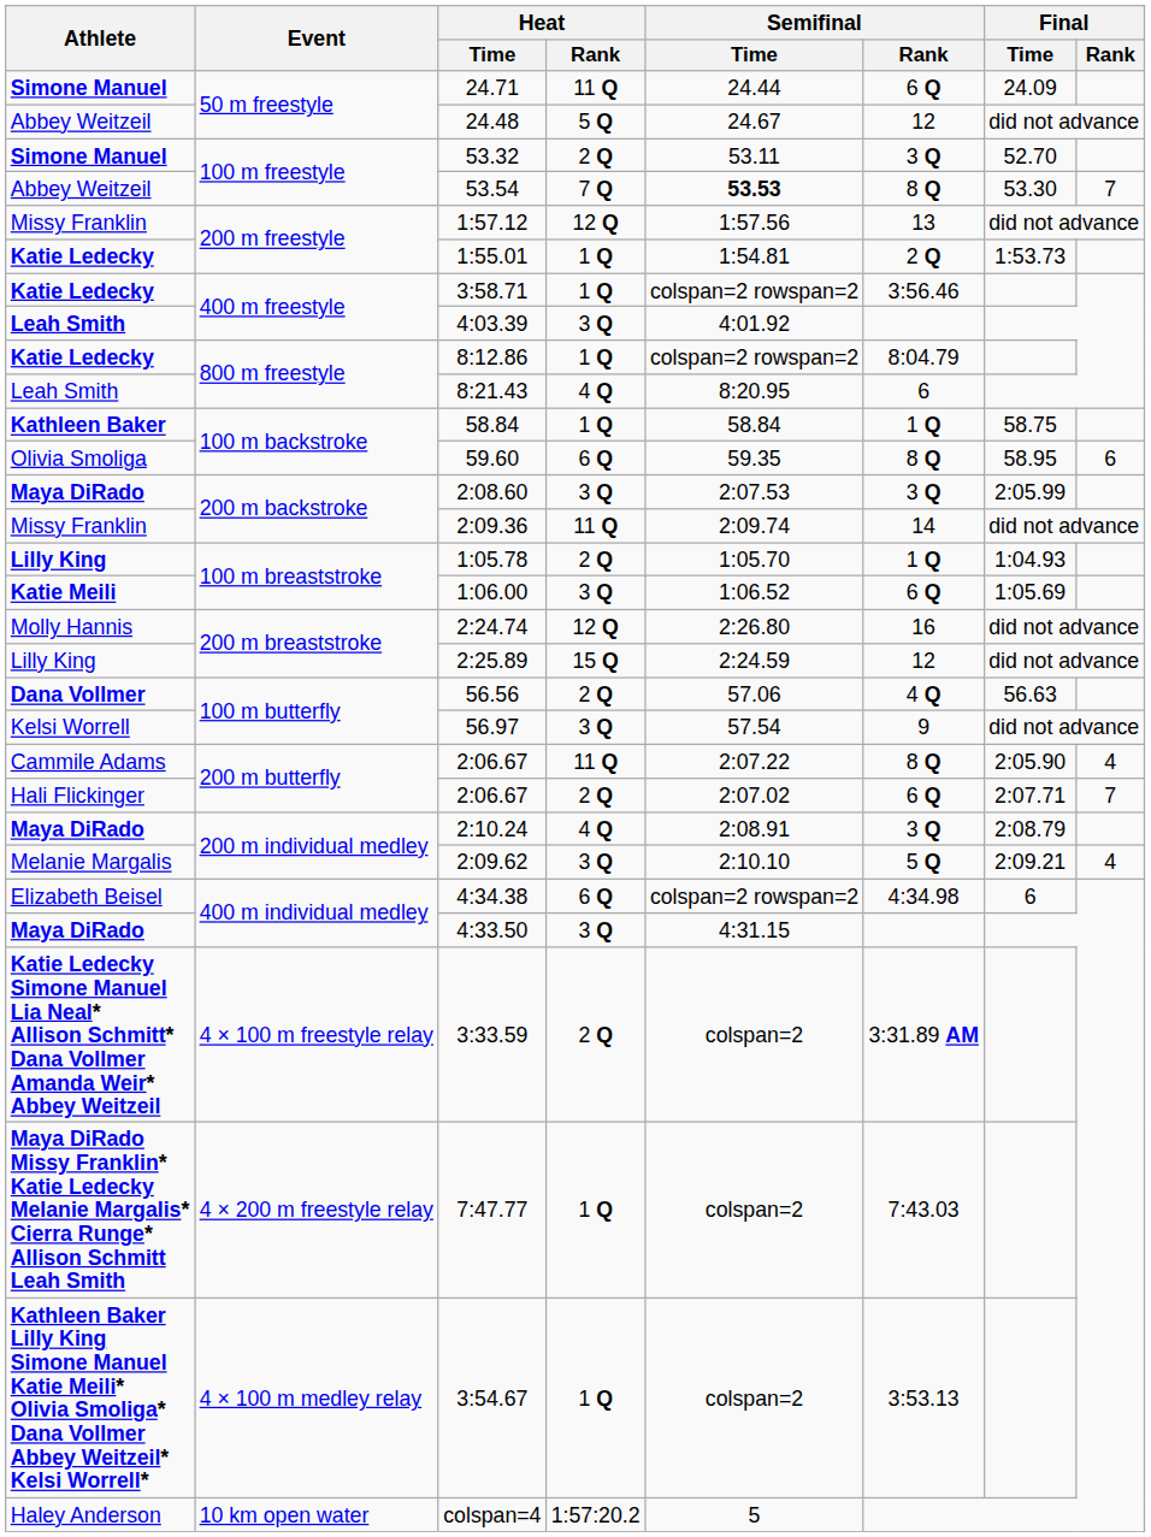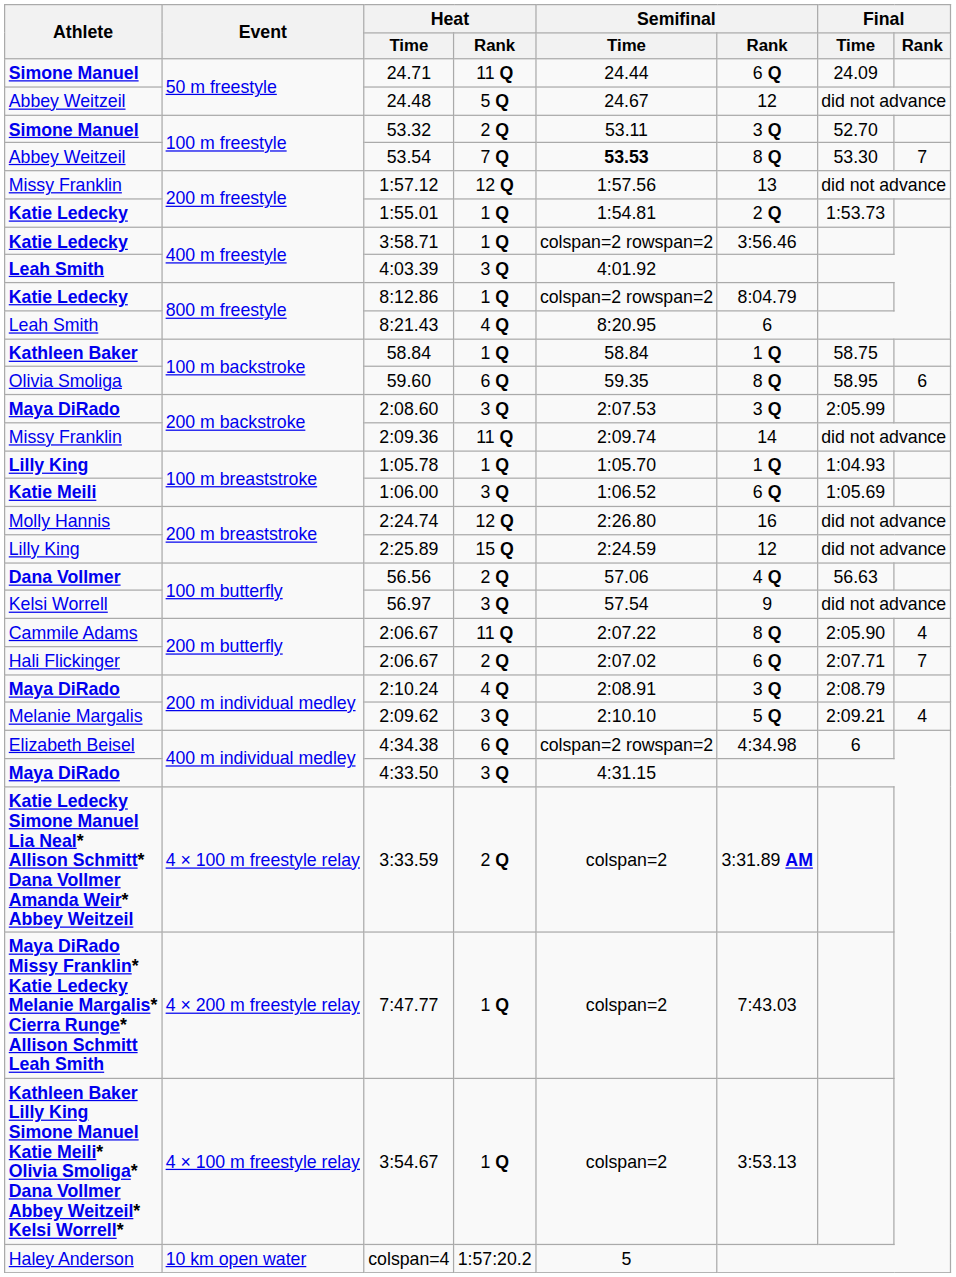 <table class=wikitable style=font-size:90%;text-align:center>
 <tr>
 <th rowspan=2>Athlete</th>
 <th rowspan=2>Event</th>
 <th colspan=2>Heat</th>
 <th colspan=2>Semifinal</th>
 <th colspan=2>Final</th>
 </tr>
 <tr style=font-size:95%>
 <th>Time</th>
 <th>Rank</th>
 <th>Time</th>
 <th>Rank</th>
 <th>Time</th>
 <th>Rank</th>
 </tr>
 <tr>
 <td align=left><strong><a href='#'>Simone Manuel</a></strong></td>
 <td align=left rowspan=2><a href='#'>50 m freestyle</a></td>
 <td>24.71</td>
 <td>11 <strong>Q</strong></td>
 <td>24.44</td>
 <td>6 <strong>Q</strong></td>
 <td>24.09</td>
 <td></td>
 </tr>
 <tr>
 <td align=left><a href='#'>Abbey Weitzeil</a></td>
 <td>24.48</td>
 <td>5 <strong>Q</strong></td>
 <td>24.67</td>
 <td>12</td>
 <td colspan=2>did not advance</td>
 </tr>
 <tr>
 <td align=left><strong><a href='#'>Simone Manuel</a></strong></td>
 <td align=left rowspan=2><a href='#'>100 m freestyle</a></td>
 <td>53.32</td>
 <td>2 <strong>Q</strong></td>
 <td>53.11</td>
 <td>3 <strong>Q</strong></td>
 <td>52.70 </td>
 <td></td>
 </tr>
 <tr>
 <td align=left><a href='#'>Abbey Weitzeil</a></td>
 <td>53.54</td>
 <td>7 <strong>Q</strong></td>
 <td><strong>53.53</strong></td>
 <td>8 <strong>Q</strong></td>
 <td>53.30</td>
 <td>7</td>
 </tr>
 <tr>
 <td align=left><a href='#'>Missy Franklin</a></td>
 <td align=left rowspan=2><a href='#'>200 m freestyle</a></td>
 <td>1:57.12</td>
 <td>12 <strong>Q</strong></td>
 <td>1:57.56</td>
 <td>13</td>
 <td colspan=2>did not advance</td>
 </tr>
 <tr>
 <td align=left><strong><a href='#'>Katie Ledecky</a></strong></td>
 <td>1:55.01</td>
 <td>1 <strong>Q</strong></td>
 <td>1:54.81</td>
 <td>2 <strong>Q</strong></td>
 <td>1:53.73</td>
 <td></td>
 </tr>
 <tr>
 <td align=left><strong><a href='#'>Katie Ledecky</a></strong></td>
 <td align=left rowspan=2><a href='#'>400 m freestyle</a></td>
 <td>3:58.71 </td>
 <td>1 <strong>Q</strong></td>
 <td>colspan=2 rowspan=2 </td>
 <td>3:56.46 </td>
 <td></td>
 </tr>
 <tr>
 <td align=left><strong><a href='#'>Leah Smith</a></strong></td>
 <td>4:03.39</td>
 <td>3 <strong>Q</strong></td>
 <td>4:01.92</td>
 <td></td>
 </tr>
 <tr>
 <td align=left><strong><a href='#'>Katie Ledecky</a></strong></td>
 <td align=left rowspan=2><a href='#'>800 m freestyle</a></td>
 <td>8:12.86 </td>
 <td>1 <strong>Q</strong></td>
 <td>colspan=2 rowspan=2 </td>
 <td>8:04.79 </td>
 <td></td>
 </tr>
 <tr>
 <td align=left><a href='#'>Leah Smith</a></td>
 <td>8:21.43</td>
 <td>4 <strong>Q</strong></td>
 <td>8:20.95</td>
 <td>6</td>
 </tr>
 <tr>
 <td align=left><strong><a href='#'>Kathleen Baker</a></strong></td>
 <td align=left rowspan=2><a href='#'>100 m backstroke</a></td>
 <td>58.84</td>
 <td>1 <strong>Q</strong></td>
 <td>58.84</td>
 <td>1 <strong>Q</strong></td>
 <td>58.75</td>
 <td></td>
 </tr>
 <tr>
 <td align=left><a href='#'>Olivia Smoliga</a></td>
 <td>59.60</td>
 <td>6 <strong>Q</strong></td>
 <td>59.35</td>
 <td>8 <strong>Q</strong></td>
 <td>58.95</td>
 <td>6</td>
 </tr>
 <tr>
 <td align=left><strong><a href='#'>Maya DiRado</a></strong></td>
 <td align=left rowspan=2><a href='#'>200 m backstroke</a></td>
 <td>2:08.60</td>
 <td>3 <strong>Q</strong></td>
 <td>2:07.53</td>
 <td>3 <strong>Q</strong></td>
 <td>2:05.99</td>
 <td></td>
 </tr>
 <tr>
 <td align=left><a href='#'>Missy Franklin</a></td>
 <td>2:09.36</td>
 <td>11 <strong>Q</strong></td>
 <td>2:09.74</td>
 <td>14</td>
 <td colspan=2>did not advance</td>
 </tr>
 <tr>
 <td align=left><strong><a href='#'>Lilly King</a></strong></td>
 <td align=left rowspan=2><a href='#'>100 m breaststroke</a></td>
 <td>1:05.78</td>
-<td>2 <strong>Q</strong></td>
+<td>1 <strong>Q</strong></td>
 <td>1:05.70</td>
 <td>1 <strong>Q</strong></td>
 <td>1:04.93 </td>
 <td></td>
 </tr>
 <tr>
 <td align=left><strong><a href='#'>Katie Meili</a></strong></td>
 <td>1:06.00</td>
 <td>3 <strong>Q</strong></td>
 <td>1:06.52</td>
 <td>6 <strong>Q</strong></td>
 <td>1:05.69</td>
 <td></td>
 </tr>
 <tr>
 <td align=left><a href='#'>Molly Hannis</a></td>
 <td align=left rowspan=2><a href='#'>200 m breaststroke</a></td>
 <td>2:24.74</td>
 <td>12 <strong>Q</strong></td>
 <td>2:26.80</td>
 <td>16</td>
 <td colspan=2>did not advance</td>
 </tr>
 <tr>
 <td align=left><a href='#'>Lilly King</a></td>
 <td>2:25.89</td>
 <td>15 <strong>Q</strong></td>
 <td>2:24.59</td>
 <td>12</td>
 <td colspan=2>did not advance</td>
 </tr>
 <tr>
 <td align=left><strong><a href='#'>Dana Vollmer</a></strong></td>
 <td align=left rowspan=2><a href='#'>100 m butterfly</a></td>
 <td>56.56</td>
 <td>2 <strong>Q</strong></td>
 <td>57.06</td>
 <td>4 <strong>Q</strong></td>
 <td>56.63</td>
 <td></td>
 </tr>
 <tr>
 <td align=left><a href='#'>Kelsi Worrell</a></td>
 <td>56.97</td>
 <td>3 <strong>Q</strong></td>
 <td>57.54</td>
 <td>9</td>
 <td colspan=2>did not advance</td>
 </tr>
 <tr>
 <td align=left><a href='#'>Cammile Adams</a></td>
 <td align=left rowspan=2><a href='#'>200 m butterfly</a></td>
 <td>2:06.67</td>
 <td>11 <strong>Q</strong></td>
 <td>2:07.22</td>
 <td>8 <strong>Q</strong></td>
 <td>2:05.90</td>
 <td>4</td>
 </tr>
 <tr>
 <td align=left><a href='#'>Hali Flickinger</a></td>
 <td>2:06.67</td>
 <td>2 <strong>Q</strong></td>
 <td>2:07.02</td>
 <td>6 <strong>Q</strong></td>
 <td>2:07.71</td>
 <td>7</td>
 </tr>
 <tr>
 <td align=left><strong><a href='#'>Maya DiRado</a></strong></td>
 <td align=left rowspan=2><a href='#'>200 m individual medley</a></td>
 <td>2:10.24</td>
 <td>4 <strong>Q</strong></td>
 <td>2:08.91</td>
 <td>3 <strong>Q</strong></td>
 <td>2:08.79</td>
 <td></td>
 </tr>
 <tr>
 <td align=left><a href='#'>Melanie Margalis</a></td>
 <td>2:09.62</td>
 <td>3 <strong>Q</strong></td>
 <td>2:10.10</td>
 <td>5 <strong>Q</strong></td>
 <td>2:09.21</td>
 <td>4</td>
 </tr>
 <tr>
 <td align=left><a href='#'>Elizabeth Beisel</a></td>
 <td align=left rowspan=2><a href='#'>400 m individual medley</a></td>
 <td>4:34.38</td>
 <td>6 <strong>Q</strong></td>
 <td>colspan=2 rowspan=2 </td>
 <td>4:34.98</td>
 <td>6</td>
 </tr>
 <tr>
 <td align=left><strong><a href='#'>Maya DiRado</a></strong></td>
 <td>4:33.50</td>
 <td>3 <strong>Q</strong></td>
 <td>4:31.15</td>
 <td></td>
 </tr>
 <tr>
 <td align=left><strong><a href='#'>Katie Ledecky</a><br><a href='#'>Simone Manuel</a><br><a href='#'>Lia Neal</a>*<br><a href='#'>Allison Schmitt</a>*<br><a href='#'>Dana Vollmer</a><br><a href='#'>Amanda Weir</a>*<br><a href='#'>Abbey Weitzeil</a></strong></td>
 <td align=left><a href='#'>4 × 100 m freestyle relay</a></td>
 <td>3:33.59</td>
 <td>2 <strong>Q</strong></td>
 <td>colspan=2 </td>
 <td>3:31.89 <strong><a href='#'>AM</a></strong></td>
 <td></td>
 </tr>
 <tr>
 <td align=left><strong><a href='#'>Maya DiRado</a><br><a href='#'>Missy Franklin</a>*<br><a href='#'>Katie Ledecky</a><br><a href='#'>Melanie Margalis</a>*<br><a href='#'>Cierra Runge</a>*<br><a href='#'>Allison Schmitt</a><br><a href='#'>Leah Smith</a></strong></td>
 <td align=left><a href='#'>4 × 200 m freestyle relay</a></td>
 <td>7:47.77</td>
 <td>1 <strong>Q</strong></td>
 <td>colspan=2 </td>
 <td>7:43.03</td>
 <td></td>
 </tr>
 <tr>
 <td align=left><strong><a href='#'>Kathleen Baker</a><br><a href='#'>Lilly King</a><br><a href='#'>Simone Manuel</a><br><a href='#'>Katie Meili</a>*<br><a href='#'>Olivia Smoliga</a>*<br><a href='#'>Dana Vollmer</a><br><a href='#'>Abbey Weitzeil</a>*<br><a href='#'>Kelsi Worrell</a>*</strong></td>
-<td align=left><a href='#'>4 × 100 m medley relay</a></td>
+<td align=left><a href='#'>4 × 100 m freestyle relay</a></td>
 <td>3:54.67</td>
 <td>1 <strong>Q</strong></td>
 <td>colspan=2 </td>
 <td>3:53.13</td>
 <td></td>
 </tr>
 <tr>
 <td align=left><a href='#'>Haley Anderson</a></td>
 <td align=left><a href='#'>10 km open water</a></td>
 <td>colspan=4 </td>
 <td>1:57:20.2</td>
 <td>5</td>
 </tr>
 </table>
